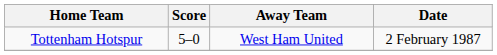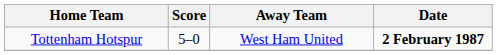 <table class="wikitable" style="text-align:center;">
 <tr>
 <th width=175>Home Team</th>
 <th width=20>Score</th>
 <th width=175>Away Team</th>
 <th width= 125>Date</th>
 </tr>
 <tr>
 <td><a href='#'>Tottenham Hotspur</a></td>
 <td>5–0</td>
 <td><a href='#'>West Ham United</a></td>
-<td>2 February 1987</td>
+<td><strong>2 February 1987</strong></td>
 </tr>
 <tr>
 </tr>
 </table>
